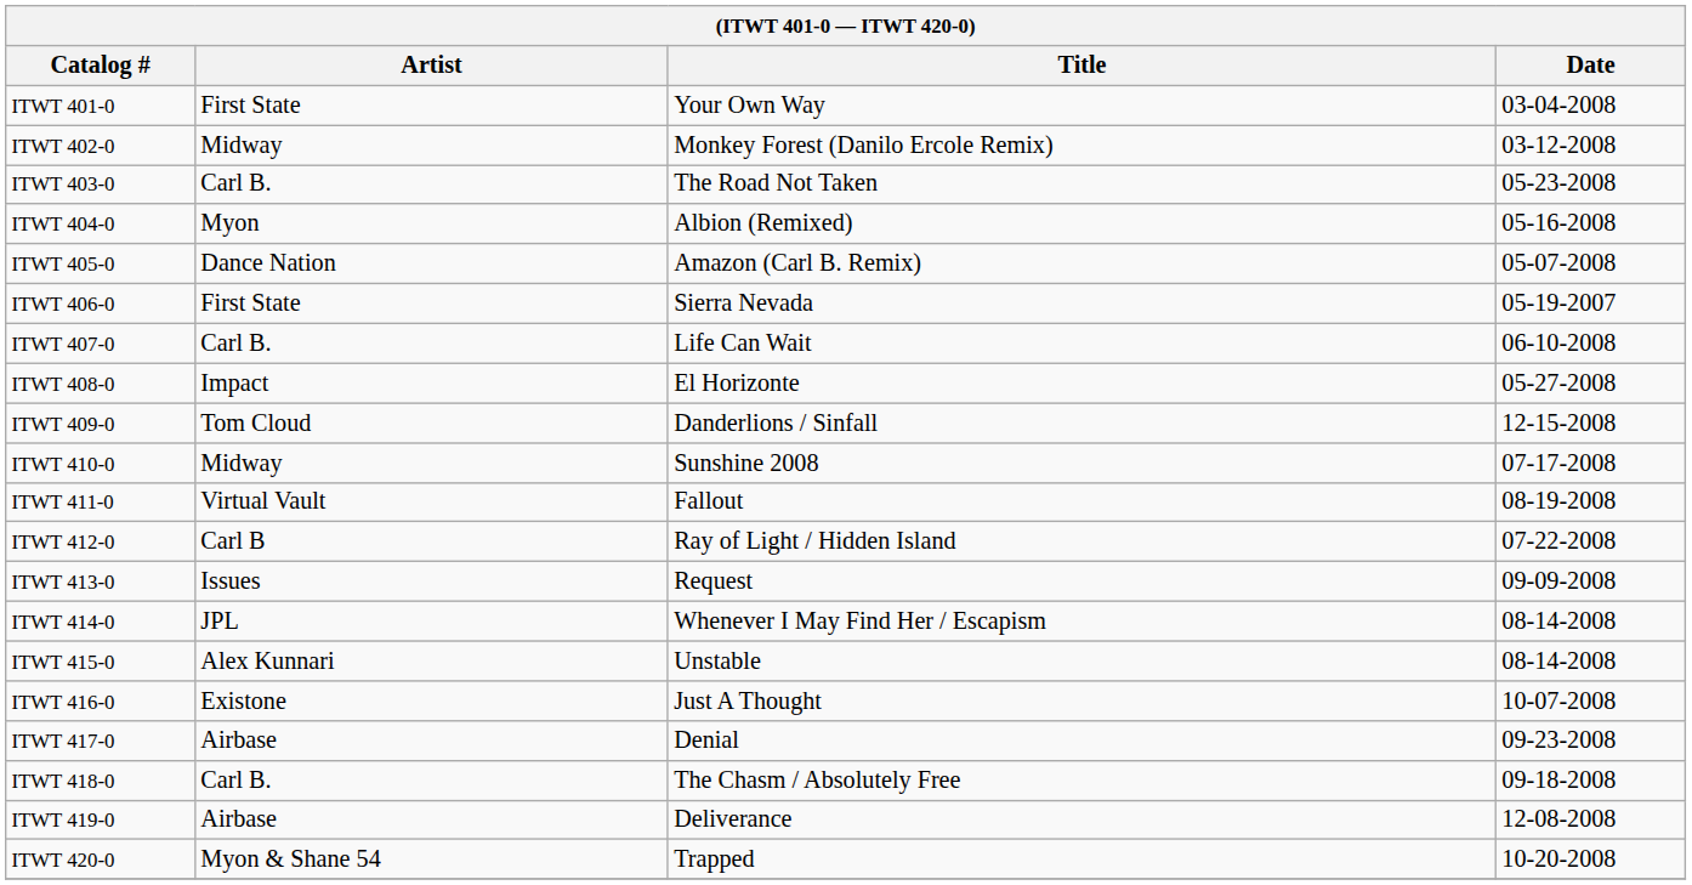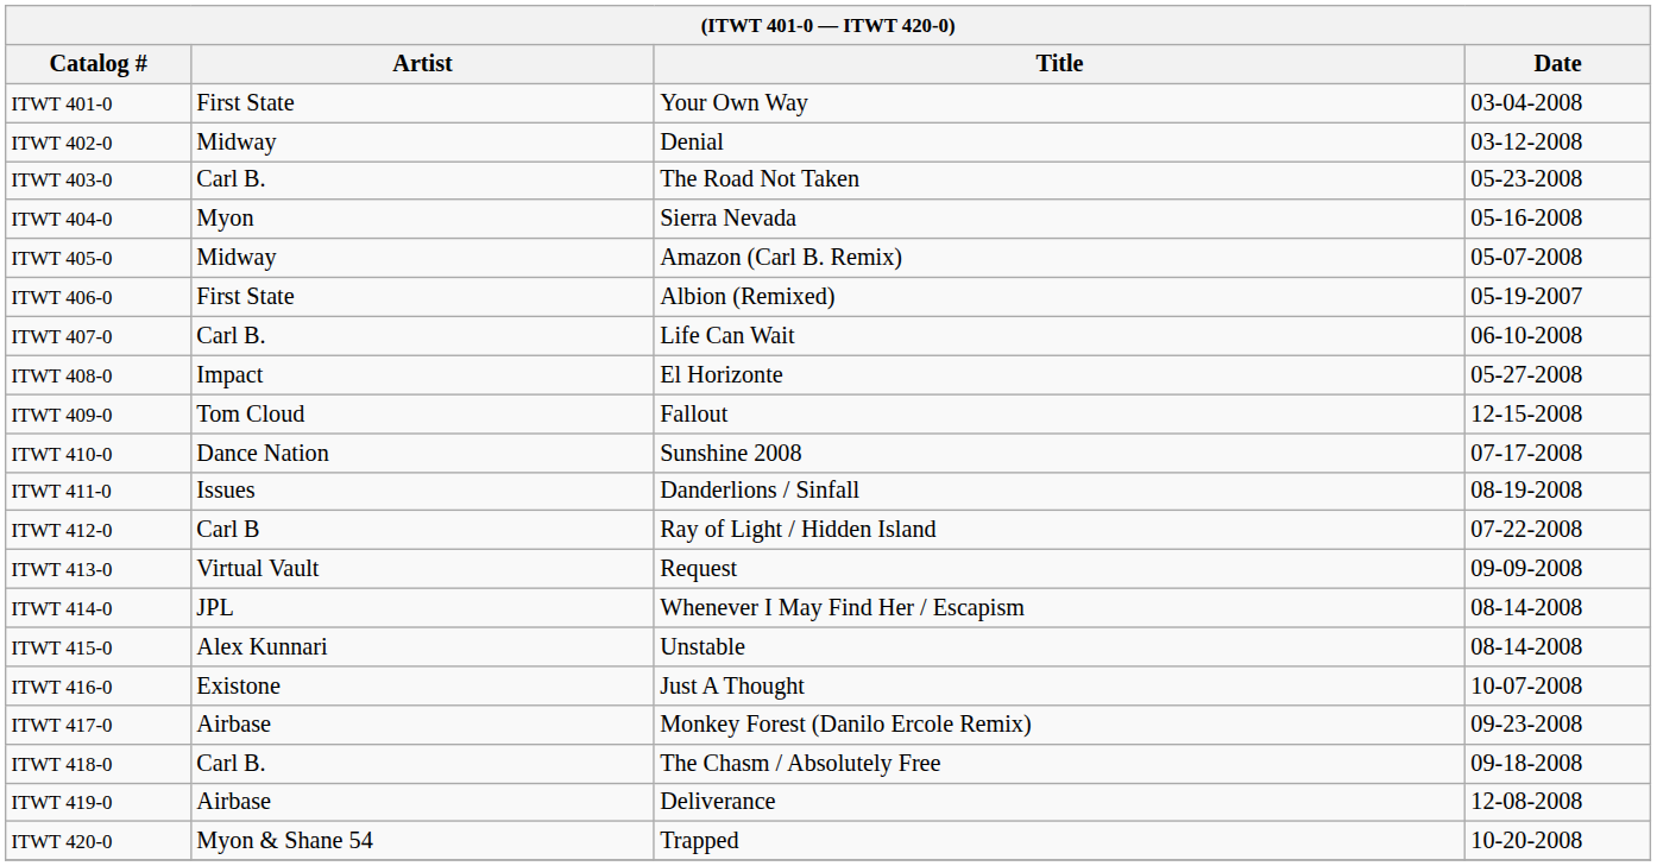 <table width="80%" class="wikitable collapsible collapsed" style="font-size:92%;position:relative;">
 <tr>
 <th colspan="5"><small>(ITWT 401-0 — ITWT 420-0)</small></th>
 </tr>
 <tr>
 <th width="8%">Catalog #</th>
 <th width="20%">Artist</th>
 <th width="35%">Title</th>
 <th width="8%">Date</th>
 </tr>
 <tr>
 <td><small>ITWT 401-0</small></td>
 <td>First State</td>
 <td>Your Own Way</td>
 <td>03-04-2008</td>
 </tr>
 <tr>
 <td><small>ITWT 402-0</small></td>
 <td>Midway</td>
-<td>Monkey Forest (Danilo Ercole Remix)</td>
+<td>Denial</td>
 <td>03-12-2008</td>
 </tr>
 <tr>
 <td><small>ITWT 403-0</small></td>
 <td>Carl B.</td>
 <td>The Road Not Taken</td>
 <td>05-23-2008</td>
 </tr>
 <tr>
 <td><small>ITWT 404-0</small></td>
 <td>Myon</td>
-<td>Albion (Remixed)</td>
+<td>Sierra Nevada</td>
 <td>05-16-2008</td>
 </tr>
 <tr>
 <td><small>ITWT 405-0</small></td>
-<td>Dance Nation</td>
+<td>Midway</td>
 <td>Amazon (Carl B. Remix)</td>
 <td>05-07-2008</td>
 </tr>
 <tr>
 <td><small>ITWT 406-0</small></td>
 <td>First State</td>
-<td>Sierra Nevada</td>
+<td>Albion (Remixed)</td>
 <td>05-19-2007</td>
 </tr>
 <tr>
 <td><small>ITWT 407-0</small></td>
 <td>Carl B.</td>
 <td>Life Can Wait</td>
 <td>06-10-2008</td>
 </tr>
 <tr>
 <td><small>ITWT 408-0</small></td>
 <td>Impact</td>
 <td>El Horizonte</td>
 <td>05-27-2008</td>
 </tr>
 <tr>
 <td><small>ITWT 409-0</small></td>
 <td>Tom Cloud</td>
-<td>Danderlions / Sinfall</td>
+<td>Fallout</td>
 <td>12-15-2008</td>
 </tr>
 <tr>
 <td><small>ITWT 410-0</small></td>
-<td>Midway</td>
+<td>Dance Nation</td>
 <td>Sunshine 2008</td>
 <td>07-17-2008</td>
 </tr>
 <tr>
 <td><small>ITWT 411-0</small></td>
-<td>Virtual Vault</td>
-<td>Fallout</td>
+<td>Issues</td>
+<td>Danderlions / Sinfall</td>
 <td>08-19-2008</td>
 </tr>
 <tr>
 <td><small>ITWT 412-0</small></td>
 <td>Carl B</td>
 <td>Ray of Light / Hidden Island</td>
 <td>07-22-2008</td>
 </tr>
 <tr>
 <td><small>ITWT 413-0</small></td>
-<td>Issues</td>
+<td>Virtual Vault</td>
 <td>Request</td>
 <td>09-09-2008</td>
 </tr>
 <tr>
 <td><small>ITWT 414-0</small></td>
 <td>JPL</td>
 <td>Whenever I May Find Her / Escapism</td>
 <td>08-14-2008</td>
 </tr>
 <tr>
 <td><small>ITWT 415-0</small></td>
 <td>Alex Kunnari</td>
 <td>Unstable</td>
 <td>08-14-2008</td>
 </tr>
 <tr>
 <td><small>ITWT 416-0</small></td>
 <td>Existone</td>
 <td>Just A Thought</td>
 <td>10-07-2008</td>
 </tr>
 <tr>
 <td><small>ITWT 417-0</small></td>
 <td>Airbase</td>
-<td>Denial</td>
+<td>Monkey Forest (Danilo Ercole Remix)</td>
 <td>09-23-2008</td>
 </tr>
 <tr>
 <td><small>ITWT 418-0</small></td>
 <td>Carl B.</td>
 <td>The Chasm / Absolutely Free</td>
 <td>09-18-2008</td>
 </tr>
 <tr>
 <td><small>ITWT 419-0</small></td>
 <td>Airbase</td>
 <td>Deliverance</td>
 <td>12-08-2008</td>
 </tr>
 <tr>
 <td><small>ITWT 420-0</small></td>
 <td>Myon & Shane 54</td>
 <td>Trapped</td>
 <td>10-20-2008</td>
 </tr>
 <tr>
 </tr>
 </table>
